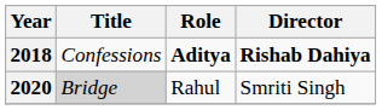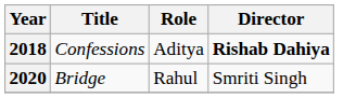 <table class="wikitable plainrowheaders sortable">
 <tr>
 <th scope="col">Year</th>
 <th scope="col">Title</th>
 <th scope="col">Role</th>
 <th scope="col">Director</th>
 </tr>
 <tr>
 <th scope="row">2018</th>
 <td><em>Confessions</em></td>
-<td><strong>Aditya</strong></td>
+<td>Aditya</td>
 <td><strong>Rishab Dahiya</strong></td>
 </tr>
 <tr>
 <th scope="row">2020</th>
-<td style="background: lightgrey;"><em>Bridge</em></td>
+<td><em>Bridge</em></td>
 <td>Rahul</td>
 <td>Smriti Singh</td>
 </tr>
 <tr>
 </tr>
 </table>
